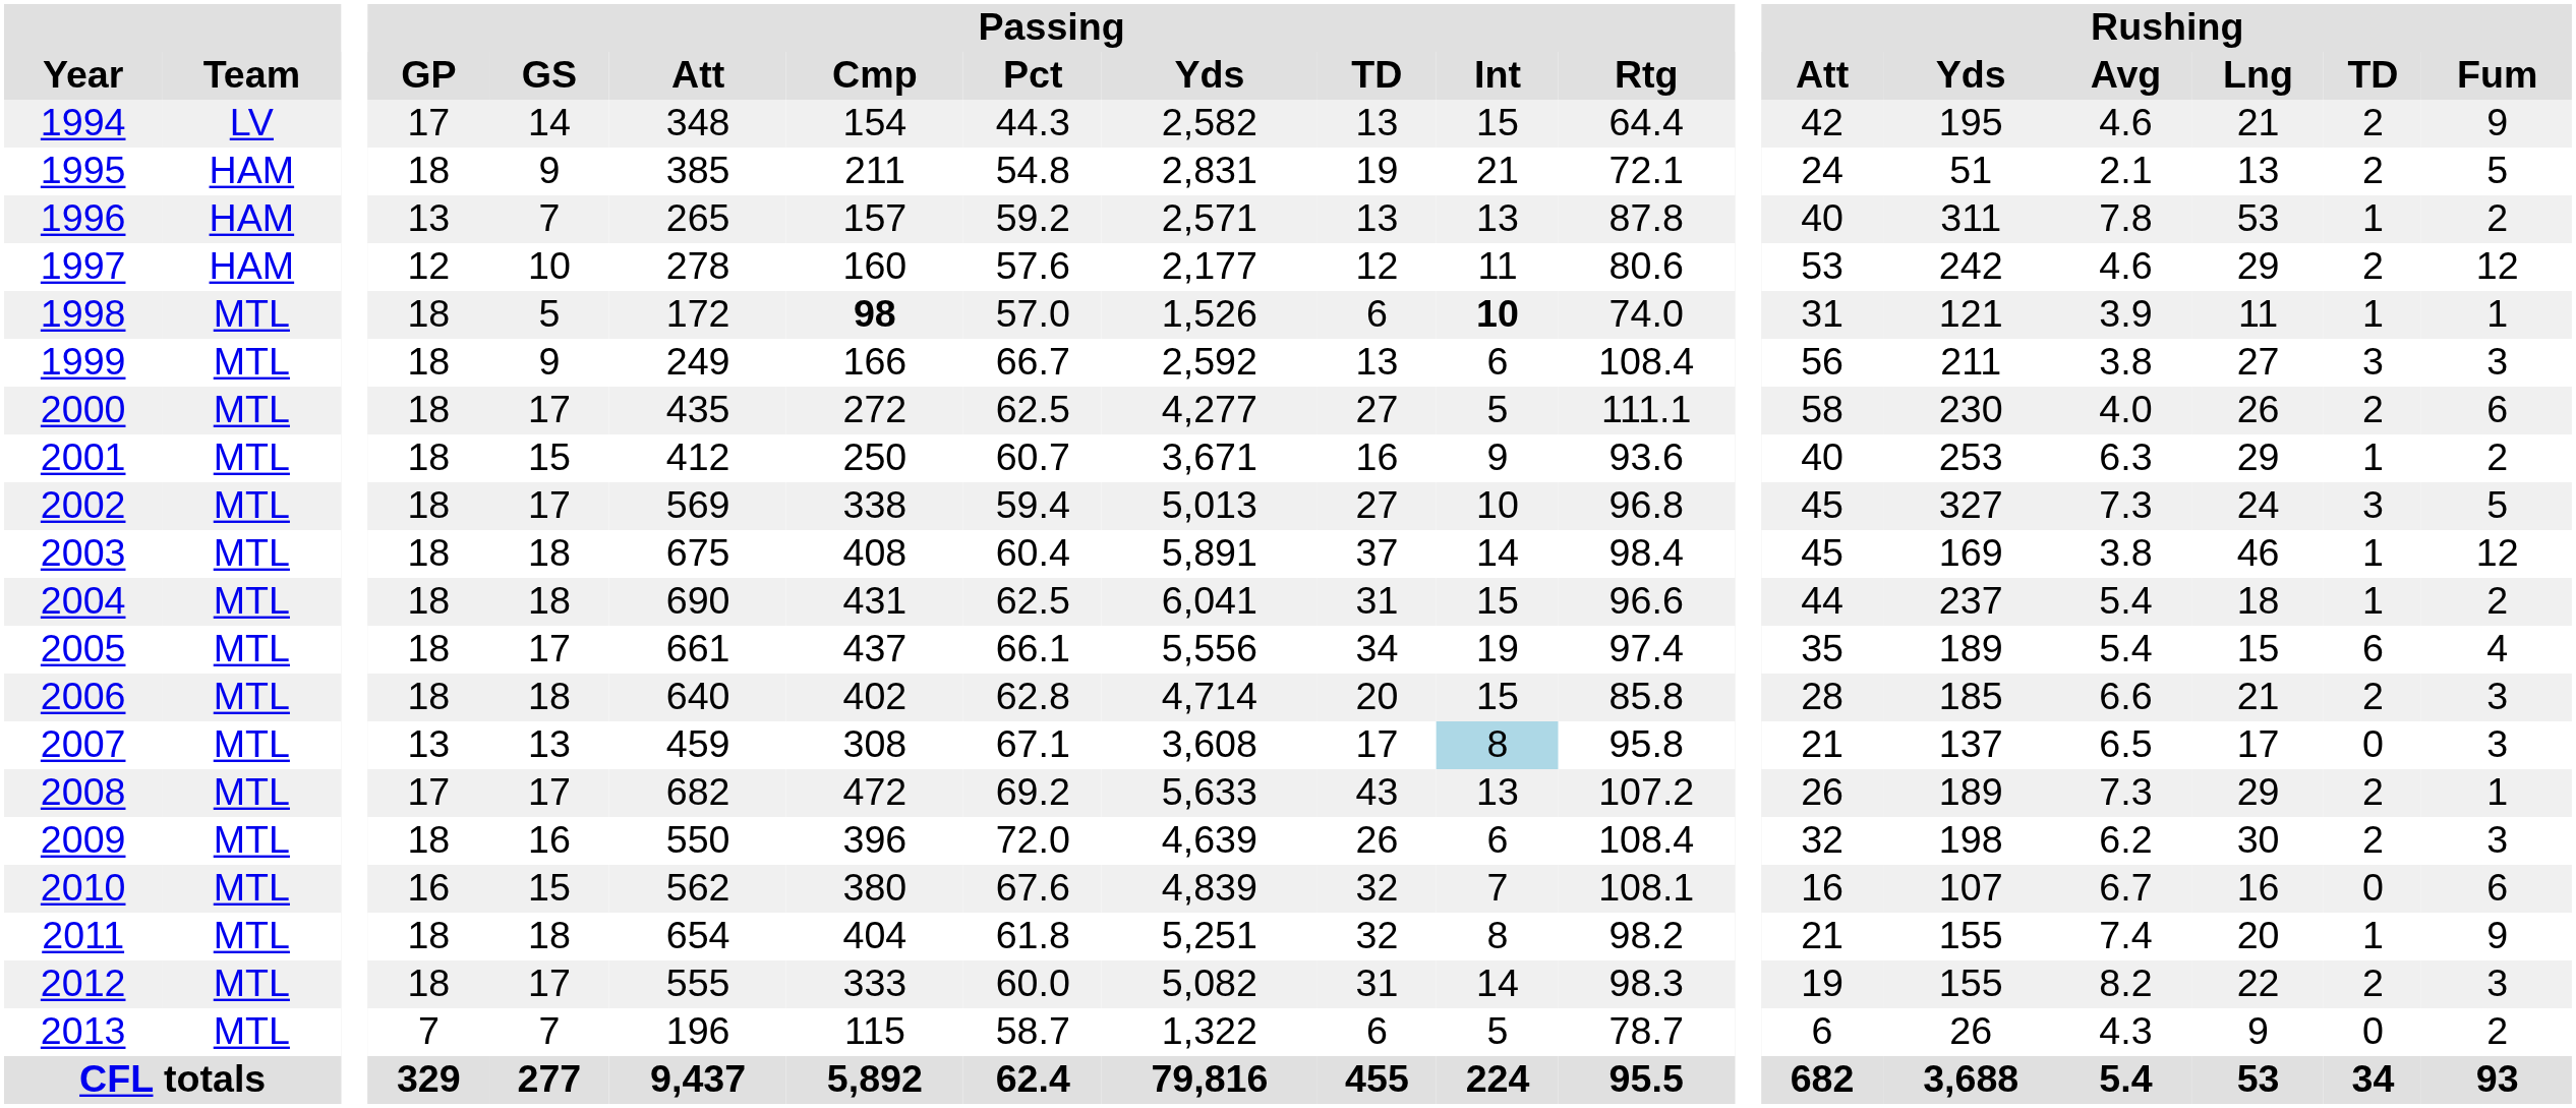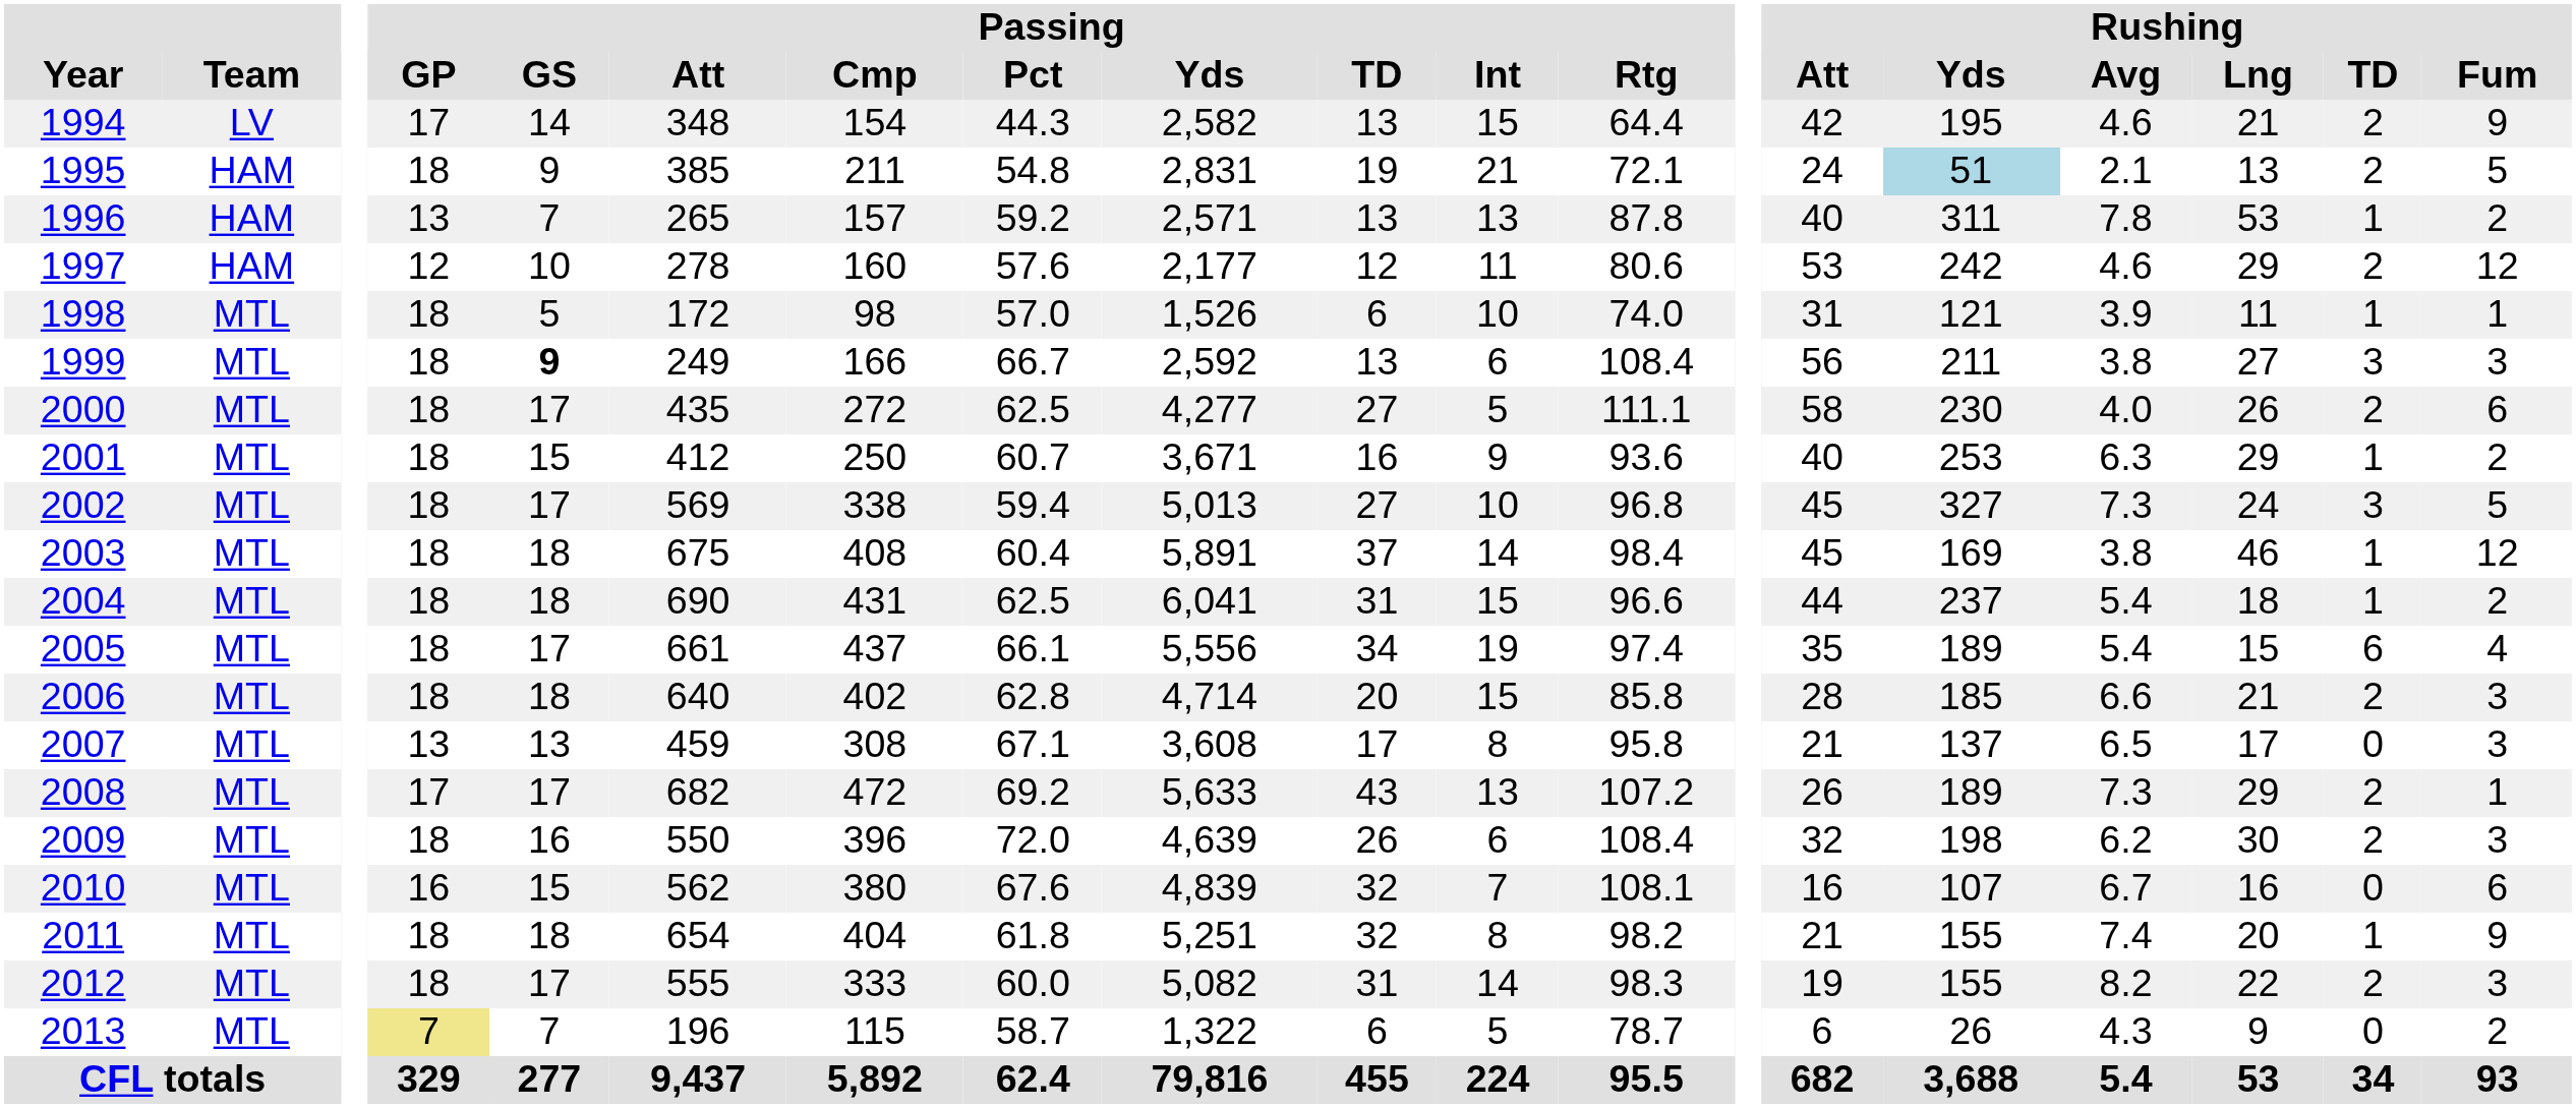 <table BORDER="0" CELLPADDING="1" CELLSPACING="0" width="85%" style="text-align:center">
 <tr bgcolor="#e0e0e0">
 <th colspan="2"></th>
 <th rowspan="99" bgcolor="#ffffff"> </th>
 <th colspan="9">Passing</th>
 <th rowspan="99" bgcolor="#ffffff"> </th>
 <th colspan="6">Rushing</th>
 </tr>
 <tr bgcolor="#e0e0e0">
 <th>Year</th>
 <th>Team</th>
 <th>GP</th>
 <th>GS</th>
 <th>Att</th>
 <th>Cmp</th>
 <th>Pct</th>
 <th>Yds</th>
 <th>TD</th>
 <th>Int</th>
 <th>Rtg</th>
 <th>Att</th>
 <th>Yds</th>
 <th>Avg</th>
 <th>Lng</th>
 <th>TD</th>
 <th>Fum</th>
 </tr>
 <tr ALIGN="center" bgcolor="#f0f0f0">
 <td><a href='#'>1994</a></td>
 <td><a href='#'>LV</a></td>
 <td>17</td>
 <td>14</td>
 <td>348</td>
 <td>154</td>
 <td>44.3</td>
 <td>2,582</td>
 <td>13</td>
 <td>15</td>
 <td>64.4</td>
 <td>42</td>
 <td>195</td>
 <td>4.6</td>
 <td>21</td>
 <td>2</td>
 <td>9</td>
 </tr>
 <tr ALIGN="center">
 <td><a href='#'>1995</a></td>
 <td><a href='#'>HAM</a></td>
 <td>18</td>
 <td>9</td>
 <td>385</td>
 <td>211</td>
 <td>54.8</td>
 <td>2,831</td>
 <td>19</td>
 <td>21</td>
 <td>72.1</td>
 <td>24</td>
-<td>51</td>
+<td style="background: lightblue;">51</td>
 <td>2.1</td>
 <td>13</td>
 <td>2</td>
 <td>5</td>
 </tr>
 <tr ALIGN="center" bgcolor="#f0f0f0">
 <td><a href='#'>1996</a></td>
 <td><a href='#'>HAM</a></td>
 <td>13</td>
 <td>7</td>
 <td>265</td>
 <td>157</td>
 <td>59.2</td>
 <td>2,571</td>
 <td>13</td>
 <td>13</td>
 <td>87.8</td>
 <td>40</td>
 <td>311</td>
 <td>7.8</td>
 <td>53</td>
 <td>1</td>
 <td>2</td>
 </tr>
 <tr ALIGN="center">
 <td><a href='#'>1997</a></td>
 <td><a href='#'>HAM</a></td>
 <td>12</td>
 <td>10</td>
 <td>278</td>
 <td>160</td>
 <td>57.6</td>
 <td>2,177</td>
 <td>12</td>
 <td>11</td>
 <td>80.6</td>
 <td>53</td>
 <td>242</td>
 <td>4.6</td>
 <td>29</td>
 <td>2</td>
 <td>12</td>
 </tr>
 <tr ALIGN="center" bgcolor="#f0f0f0">
 <td><a href='#'>1998</a></td>
 <td><a href='#'>MTL</a></td>
 <td>18</td>
 <td>5</td>
 <td>172</td>
-<td><strong>98</strong></td>
+<td>98</td>
 <td>57.0</td>
 <td>1,526</td>
 <td>6</td>
-<td><strong>10</strong></td>
+<td>10</td>
 <td>74.0</td>
 <td>31</td>
 <td>121</td>
 <td>3.9</td>
 <td>11</td>
 <td>1</td>
 <td>1</td>
 </tr>
 <tr ALIGN="center">
 <td><a href='#'>1999</a></td>
 <td><a href='#'>MTL</a></td>
 <td>18</td>
-<td>9</td>
+<td><strong>9</strong></td>
 <td>249</td>
 <td>166</td>
 <td>66.7</td>
 <td>2,592</td>
 <td>13</td>
 <td>6</td>
 <td>108.4</td>
 <td>56</td>
 <td>211</td>
 <td>3.8</td>
 <td>27</td>
 <td>3</td>
 <td>3</td>
 </tr>
 <tr ALIGN="center" bgcolor="#f0f0f0">
 <td><a href='#'>2000</a></td>
 <td><a href='#'>MTL</a></td>
 <td>18</td>
 <td>17</td>
 <td>435</td>
 <td>272</td>
 <td>62.5</td>
 <td>4,277</td>
 <td>27</td>
 <td>5</td>
 <td>111.1</td>
 <td>58</td>
 <td>230</td>
 <td>4.0</td>
 <td>26</td>
 <td>2</td>
 <td>6</td>
 </tr>
 <tr ALIGN="center">
 <td><a href='#'>2001</a></td>
 <td><a href='#'>MTL</a></td>
 <td>18</td>
 <td>15</td>
 <td>412</td>
 <td>250</td>
 <td>60.7</td>
 <td>3,671</td>
 <td>16</td>
 <td>9</td>
 <td>93.6</td>
 <td>40</td>
 <td>253</td>
 <td>6.3</td>
 <td>29</td>
 <td>1</td>
 <td>2</td>
 </tr>
 <tr ALIGN="center" bgcolor="#f0f0f0">
 <td><a href='#'>2002</a></td>
 <td><a href='#'>MTL</a></td>
 <td>18</td>
 <td>17</td>
 <td>569</td>
 <td>338</td>
 <td>59.4</td>
 <td>5,013</td>
 <td>27</td>
 <td>10</td>
 <td>96.8</td>
 <td>45</td>
 <td>327</td>
 <td>7.3</td>
 <td>24</td>
 <td>3</td>
 <td>5</td>
 </tr>
 <tr ALIGN="center">
 <td><a href='#'>2003</a></td>
 <td><a href='#'>MTL</a></td>
 <td>18</td>
 <td>18</td>
 <td>675</td>
 <td>408</td>
 <td>60.4</td>
 <td>5,891</td>
 <td>37</td>
 <td>14</td>
 <td>98.4</td>
 <td>45</td>
 <td>169</td>
 <td>3.8</td>
 <td>46</td>
 <td>1</td>
 <td>12</td>
 </tr>
 <tr ALIGN="center" bgcolor="#f0f0f0">
 <td><a href='#'>2004</a></td>
 <td><a href='#'>MTL</a></td>
 <td>18</td>
 <td>18</td>
 <td>690</td>
 <td>431</td>
 <td>62.5</td>
 <td>6,041</td>
 <td>31</td>
 <td>15</td>
 <td>96.6</td>
 <td>44</td>
 <td>237</td>
 <td>5.4</td>
 <td>18</td>
 <td>1</td>
 <td>2</td>
 </tr>
 <tr ALIGN="center">
 <td><a href='#'>2005</a></td>
 <td><a href='#'>MTL</a></td>
 <td>18</td>
 <td>17</td>
 <td>661</td>
 <td>437</td>
 <td>66.1</td>
 <td>5,556</td>
 <td>34</td>
 <td>19</td>
 <td>97.4</td>
 <td>35</td>
 <td>189</td>
 <td>5.4</td>
 <td>15</td>
 <td>6</td>
 <td>4</td>
 </tr>
 <tr ALIGN="center" bgcolor="#f0f0f0">
 <td><a href='#'>2006</a></td>
 <td><a href='#'>MTL</a></td>
 <td>18</td>
 <td>18</td>
 <td>640</td>
 <td>402</td>
 <td>62.8</td>
 <td>4,714</td>
 <td>20</td>
 <td>15</td>
 <td>85.8</td>
 <td>28</td>
 <td>185</td>
 <td>6.6</td>
 <td>21</td>
 <td>2</td>
 <td>3</td>
 </tr>
 <tr ALIGN="center">
 <td><a href='#'>2007</a></td>
 <td><a href='#'>MTL</a></td>
 <td>13</td>
 <td>13</td>
 <td>459</td>
 <td>308</td>
 <td>67.1</td>
 <td>3,608</td>
 <td>17</td>
-<td style="background: lightblue;">8</td>
+<td>8</td>
 <td>95.8</td>
 <td>21</td>
 <td>137</td>
 <td>6.5</td>
 <td>17</td>
 <td>0</td>
 <td>3</td>
 </tr>
 <tr ALIGN="center" bgcolor="#f0f0f0">
 <td><a href='#'>2008</a></td>
 <td><a href='#'>MTL</a></td>
 <td>17</td>
 <td>17</td>
 <td>682</td>
 <td>472</td>
 <td>69.2</td>
 <td>5,633</td>
 <td>43</td>
 <td>13</td>
 <td>107.2</td>
 <td>26</td>
 <td>189</td>
 <td>7.3</td>
 <td>29</td>
 <td>2</td>
 <td>1</td>
 </tr>
 <tr ALIGN="center">
 <td><a href='#'>2009</a></td>
 <td><a href='#'>MTL</a></td>
 <td>18</td>
 <td>16</td>
 <td>550</td>
 <td>396</td>
 <td>72.0</td>
 <td>4,639</td>
 <td>26</td>
 <td>6</td>
 <td>108.4</td>
 <td>32</td>
 <td>198</td>
 <td>6.2</td>
 <td>30</td>
 <td>2</td>
 <td>3</td>
 </tr>
 <tr ALIGN="center" bgcolor="#f0f0f0">
 <td><a href='#'>2010</a></td>
 <td><a href='#'>MTL</a></td>
 <td>16</td>
 <td>15</td>
 <td>562</td>
 <td>380</td>
 <td>67.6</td>
 <td>4,839</td>
 <td>32</td>
 <td>7</td>
 <td>108.1</td>
 <td>16</td>
 <td>107</td>
 <td>6.7</td>
 <td>16</td>
 <td>0</td>
 <td>6</td>
 </tr>
 <tr ALIGN="center">
 <td><a href='#'>2011</a></td>
 <td><a href='#'>MTL</a></td>
 <td>18</td>
 <td>18</td>
 <td>654</td>
 <td>404</td>
 <td>61.8</td>
 <td>5,251</td>
 <td>32</td>
 <td>8</td>
 <td>98.2</td>
 <td>21</td>
 <td>155</td>
 <td>7.4</td>
 <td>20</td>
 <td>1</td>
 <td>9</td>
 </tr>
 <tr ALIGN="center" bgcolor="#f0f0f0">
 <td><a href='#'>2012</a></td>
 <td><a href='#'>MTL</a></td>
 <td>18</td>
 <td>17</td>
 <td>555</td>
 <td>333</td>
 <td>60.0</td>
 <td>5,082</td>
 <td>31</td>
 <td>14</td>
 <td>98.3</td>
 <td>19</td>
 <td>155</td>
 <td>8.2</td>
 <td>22</td>
 <td>2</td>
 <td>3</td>
 </tr>
 <tr ALIGN="center">
 <td><a href='#'>2013</a></td>
 <td><a href='#'>MTL</a></td>
-<td>7</td>
+<td style="background: khaki;">7</td>
 <td>7</td>
 <td>196</td>
 <td>115</td>
 <td>58.7</td>
 <td>1,322</td>
 <td>6</td>
 <td>5</td>
 <td>78.7</td>
 <td>6</td>
 <td>26</td>
 <td>4.3</td>
 <td>9</td>
 <td>0</td>
 <td>2</td>
 </tr>
 <tr bgcolor="#e0e0e0">
 <th colspan="2"><a href='#'>CFL</a> totals</th>
 <th>329</th>
 <th>277</th>
 <th>9,437</th>
 <th>5,892</th>
 <th>62.4</th>
 <th>79,816</th>
 <th>455</th>
 <th>224</th>
 <th>95.5</th>
 <th>682</th>
 <th>3,688</th>
 <th>5.4</th>
 <th>53</th>
 <th>34</th>
 <th>93</th>
 </tr>
 </table>
